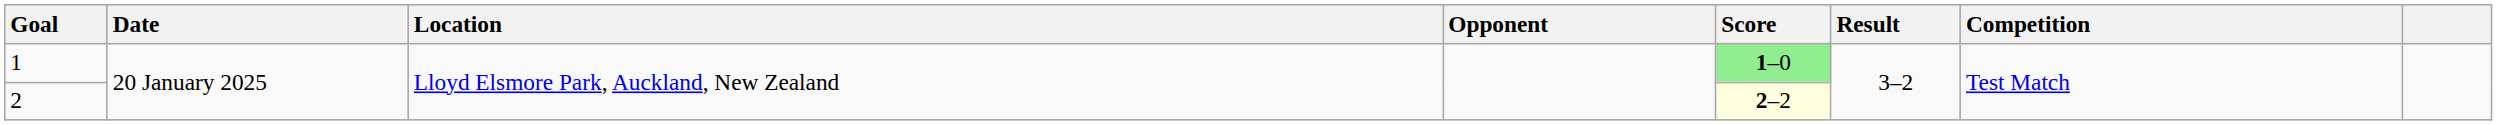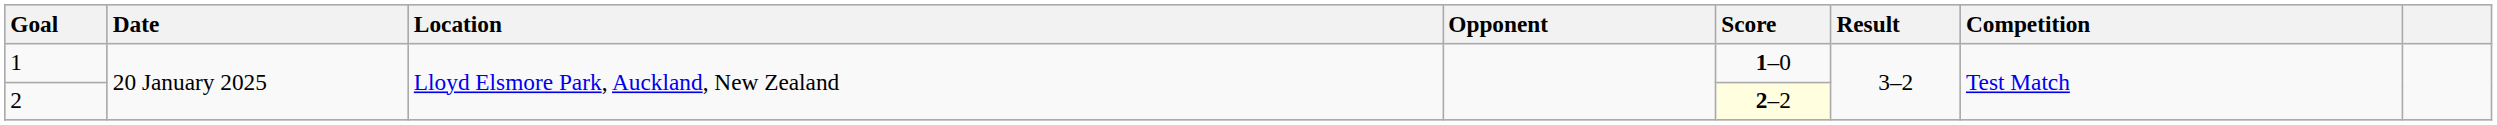 <table class="wikitable sortable" style="font-size:90%" width=97%>
 <tr>
 <th style="width: 25px; text-align: left">Goal</th>
 <th style="width: 100px; text-align: left">Date</th>
 <th style="width: 360px; text-align: left">Location</th>
 <th style="width: 90px; text-align: left">Opponent</th>
 <th style="width: 30px; text-align: left">Score</th>
 <th style="width: 30px; text-align: left">Result</th>
 <th style="width: 150px; text-align: left">Competition</th>
 <th style="width: 25px; text-align: left"></th>
 </tr>
 <tr>
 <td>1</td>
 <td rowspan=2>20 January 2025</td>
 <td rowspan=2><a href='#'>Lloyd Elsmore Park</a>, <a href='#'>Auckland</a>, New Zealand</td>
 <td rowspan=2></td>
-<td align="center" style="background: lightgreen;"><strong>1</strong>–0</td>
+<td align="center"><strong>1</strong>–0</td>
 <td rowspan=2; align="center">3–2</td>
 <td rowspan=2><a href='#'>Test Match</a></td>
 <td rowspan=2></td>
 </tr>
 <tr>
 <td>2</td>
 <td align="center" style="background: lightyellow;"><strong>2</strong>–2</td>
 </tr>
 </table>
